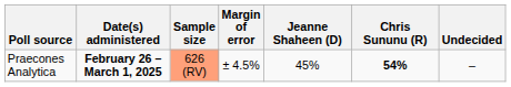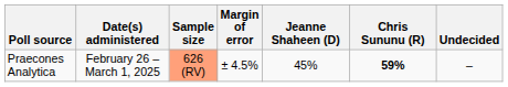 <table class="wikitable" style="font-size:90%;text-align:center;">
 <tr valign=bottom>
 <th>Poll source</th>
 <th>Date(s)<br>administered</th>
 <th>Sample<br>size</th>
 <th>Margin<br>of error</th>
 <th style="width:100px;">Jeanne<br>Shaheen (D)</th>
 <th style="width:100px;">Chris<br>Sununu (R)</th>
 <th>Undecided</th>
 </tr>
 <tr>
 <td style="text-align:left;">Praecones Analytica</td>
-<td><strong>February 26 – March 1, 2025</strong></td>
+<td>February 26 – March 1, 2025</td>
 <td style="background: lightsalmon;">626 (RV)</td>
 <td>± 4.5%</td>
 <td>45%</td>
-<td style="background-color:"><strong>54%</strong></td>
+<td style="background-color:"><strong>59%</strong></td>
 <td>–</td>
 </tr>
 </table>
